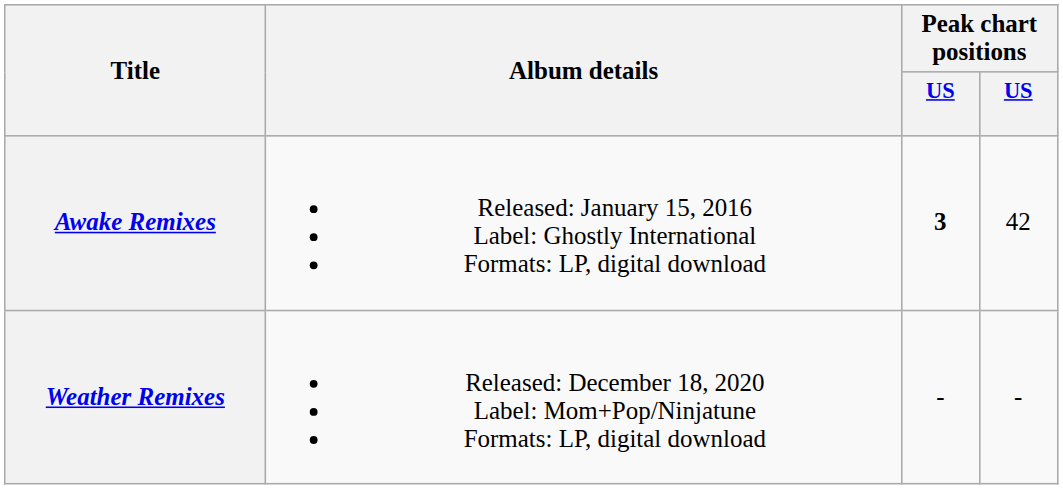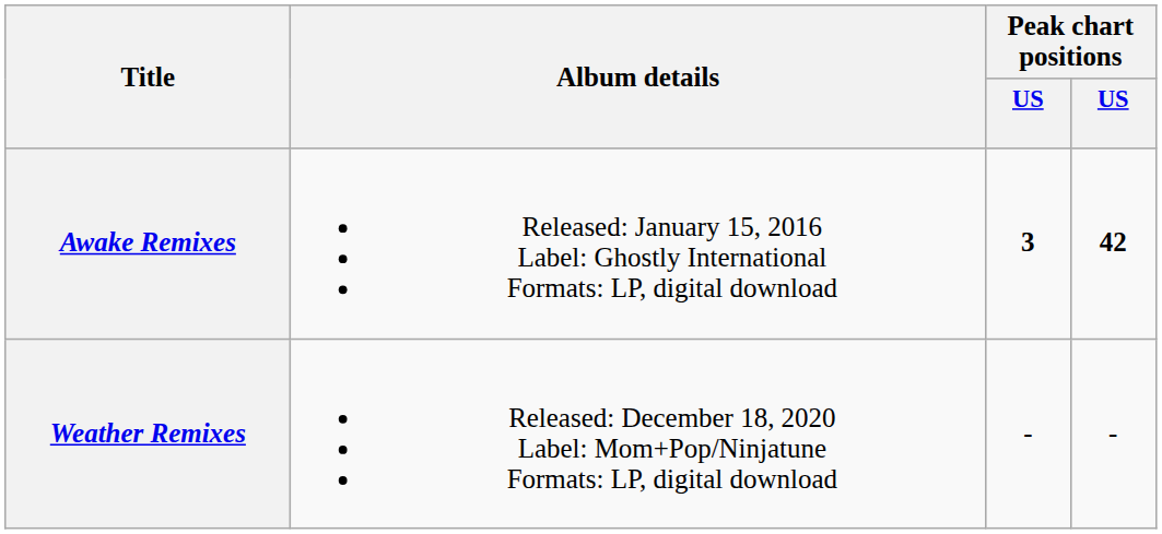 <table class="wikitable plainrowheaders" style="text-align:center;">
 <tr>
 <th scope="col" rowspan="2" style="width:10em;">Title</th>
 <th scope="col" rowspan="2" style="width:25em;">Album details</th>
 <th scope="col" colspan="10">Peak chart positions</th>
 </tr>
 <tr>
 <th scope="col" style="width:3em;font-size:90%;"><a href='#'>US<br></a><br></th>
 <th scope="col" style="width:3em;font-size:90%;"><a href='#'>US<br></a><br></th>
 </tr>
 <tr>
 <th scope="row"><em><a href='#'>Awake Remixes</a></em></th>
 <td><br><ul><li>Released: January 15, 2016</li><li>Label: Ghostly International</li><li>Formats: LP, digital download</li></ul></td>
 <td><strong>3</strong></td>
-<td>42</td>
+<td><strong>42</strong></td>
 </tr>
 <tr>
 <th scope="row"><em><a href='#'>Weather Remixes</a></em></th>
 <td><br><ul><li>Released: December 18, 2020</li><li>Label: Mom+Pop/Ninjatune</li><li>Formats: LP, digital download</li></ul></td>
 <td>-</td>
 <td>-</td>
 </tr>
 </table>
